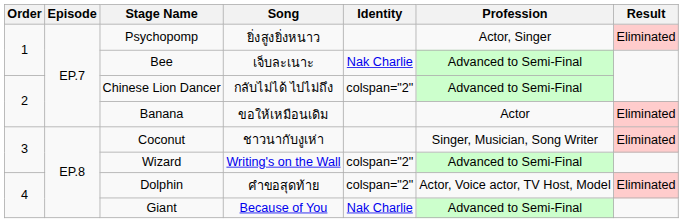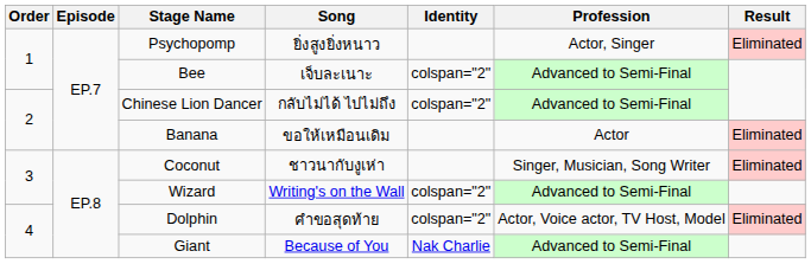 <table class="wikitable">
 <tr>
 <th>Order</th>
 <th>Episode</th>
 <th>Stage Name</th>
 <th>Song</th>
 <th>Identity</th>
 <th>Profession</th>
 <th>Result</th>
 </tr>
 <tr>
 <td rowspan="2" style="text-align:center;">1</td>
 <td rowspan="4" align="center">EP.7</td>
 <td style="text-align:center;">Psychopomp</td>
 <td style="text-align:center;">ยิ่งสูงยิ่งหนาว</td>
 <td style="text-align:center;"></td>
 <td style="text-align:center;">Actor, Singer</td>
 <td style="text-align:center; background:#ffcccc;">Eliminated</td>
 </tr>
 <tr>
 <td style="text-align:center;">Bee</td>
 <td style="text-align:center;">เจ็บละเนาะ</td>
-<td style="text-align:center;"><a href='#'>Nak Charlie</a></td>
+<td>colspan="2"  </td>
 <td style="text-align:center; background:#ccffcc;">Advanced to Semi-Final</td>
 </tr>
 <tr>
 <td rowspan="2" style="text-align:center;">2</td>
 <td style="text-align:center;">Chinese Lion Dancer</td>
 <td style="text-align:center;">กลับไม่ได้ ไปไม่ถึง</td>
 <td>colspan="2"  </td>
 <td style="text-align:center; background:#ccffcc;">Advanced to Semi-Final</td>
 </tr>
 <tr>
 <td style="text-align:center;">Banana</td>
 <td style="text-align:center;">ขอให้เหมือนเดิม</td>
 <td style="text-align:center;"></td>
 <td style="text-align:center;">Actor</td>
 <td style="text-align:center; background:#ffcccc;">Eliminated</td>
 </tr>
 <tr>
 <td rowspan="2" style="text-align:center;">3</td>
 <td rowspan="4" align="center">EP.8</td>
 <td style="text-align:center;">Coconut</td>
 <td style="text-align:center;">ชาวนากับงูเห่า</td>
 <td style="text-align:center;"></td>
 <td style="text-align:center;">Singer, Musician, Song Writer</td>
 <td style="text-align:center; background:#ffcccc;">Eliminated</td>
 </tr>
 <tr>
 <td style="text-align:center;">Wizard</td>
 <td style="text-align:center;"><a href='#'>Writing's on the Wall</a></td>
 <td>colspan="2"  </td>
 <td style="text-align:center; background:#ccffcc;">Advanced to Semi-Final</td>
 </tr>
 <tr>
 <td rowspan="2" style="text-align:center;">4</td>
 <td style="text-align:center;">Dolphin</td>
 <td style="text-align:center;">คำขอสุดท้าย</td>
 <td>colspan="2"  </td>
 <td style="text-align:center;">Actor, Voice actor, TV Host, Model</td>
 <td style="text-align:center; background:#ffcccc;">Eliminated</td>
 </tr>
 <tr>
 <td style="text-align:center;">Giant</td>
 <td style="text-align:center;"><a href='#'>Because of You</a></td>
 <td style="text-align:center;"><a href='#'>Nak Charlie</a></td>
 <td style="text-align:center; background:#ccffcc;">Advanced to Semi-Final</td>
 </tr>
 </table>
